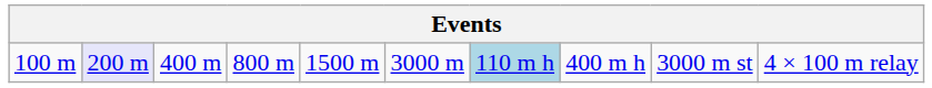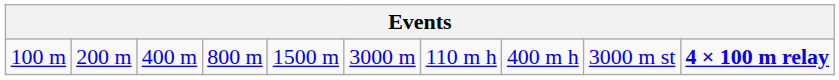 <table class="wikitable" style="margin: 1em auto 1em auto">
 <tr>
 <th colspan=12>Events</th>
 </tr>
 <tr>
 <td><a href='#'>100 m</a></td>
-<td style="background: lavender;"><a href='#'>200 m</a></td>
+<td><a href='#'>200 m</a></td>
 <td><a href='#'>400 m</a></td>
 <td><a href='#'>800 m</a></td>
 <td><a href='#'>1500 m</a></td>
 <td><a href='#'>3000 m</a></td>
-<td style="background: lightblue;"><a href='#'>110 m h</a></td>
+<td><a href='#'>110 m h</a></td>
 <td><a href='#'>400 m h</a></td>
 <td><a href='#'>3000 m st</a></td>
-<td><a href='#'>4 × 100 m relay</a></td>
+<td><strong><a href='#'>4 × 100 m relay</a></strong></td>
 </tr>
 </table>
